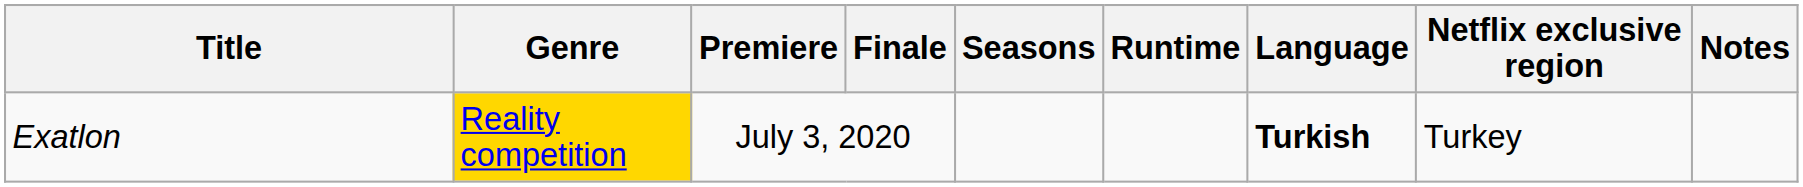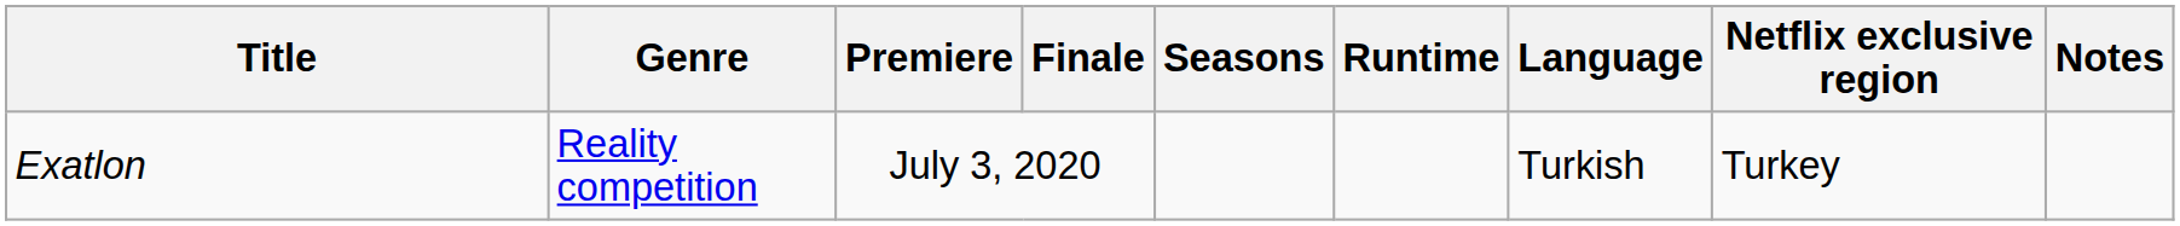 <table class="wikitable sortable" style="width:100%">
 <tr>
 <th scope="col" style="width:25%;">Title</th>
 <th>Genre</th>
 <th>Premiere</th>
 <th>Finale</th>
 <th>Seasons</th>
 <th>Runtime</th>
 <th>Language</th>
 <th>Netflix exclusive region</th>
 <th>Notes</th>
 </tr>
 <tr>
 <td><em>Exatlon</em></td>
-<td style="background: gold;"><a href='#'>Reality competition</a></td>
+<td><a href='#'>Reality competition</a></td>
 <td colspan="2" style="text-align:center">July 3, 2020</td>
 <td></td>
 <td></td>
-<td><strong>Turkish</strong></td>
+<td>Turkish</td>
 <td>Turkey</td>
 <td></td>
 </tr>
 </table>
